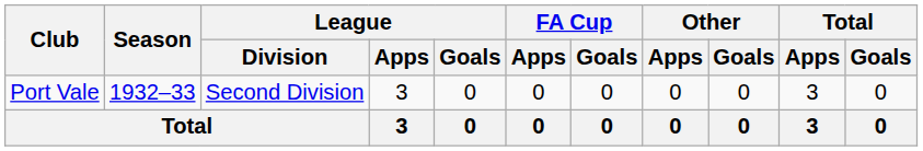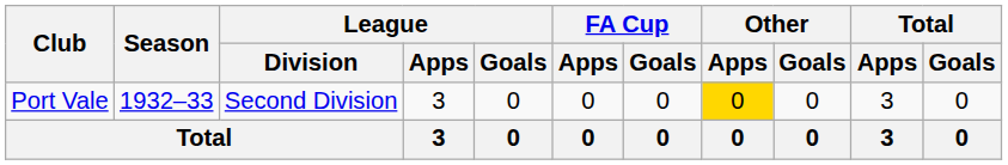 <table class="wikitable" style="text-align:center">
 <tr>
 <th rowspan="2">Club</th>
 <th rowspan="2">Season</th>
 <th colspan="3">League</th>
 <th colspan="2"><a href='#'>FA Cup</a></th>
 <th colspan="2">Other</th>
 <th colspan="2">Total</th>
 </tr>
 <tr>
 <th>Division</th>
 <th>Apps</th>
 <th>Goals</th>
 <th>Apps</th>
 <th>Goals</th>
 <th>Apps</th>
 <th>Goals</th>
 <th>Apps</th>
 <th>Goals</th>
 </tr>
 <tr>
 <td><a href='#'>Port Vale</a></td>
 <td><a href='#'>1932–33</a></td>
 <td><a href='#'>Second Division</a></td>
 <td>3</td>
 <td>0</td>
 <td>0</td>
 <td>0</td>
-<td>0</td>
+<td style="background: gold;">0</td>
 <td>0</td>
 <td>3</td>
 <td>0</td>
 </tr>
 <tr>
 <th colspan="3">Total</th>
 <th>3</th>
 <th>0</th>
 <th>0</th>
 <th>0</th>
 <th>0</th>
 <th>0</th>
 <th>3</th>
 <th>0</th>
 </tr>
 </table>
